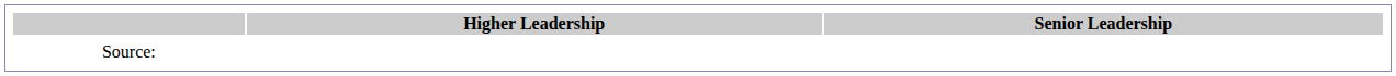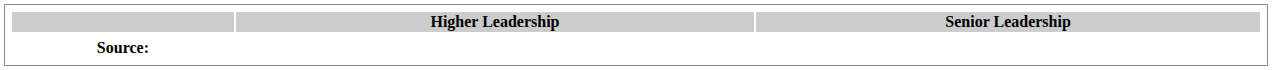 <table style="width:100%; border:1px solid #8888aa; background:#fff; padding:5px; font-size:100%; margin:0 12px 12px 0; text-align:center;">
 <tr style="background:#ccc;">
 <th></th>
 <th colspan="4">Higher Leadership</th>
 <th colspan="4">Senior Leadership</th>
 </tr>
 <tr style="text-align:center;">
 <td></td>
 <td></td>
 <td></td>
 <td></td>
 <td></td>
 <td></td>
 <td></td>
 <td></td>
 <td></td>
 </tr>
 <tr>
-<td>Source:</td>
+<td><strong>Source:</strong></td>
 </tr>
 </table>
